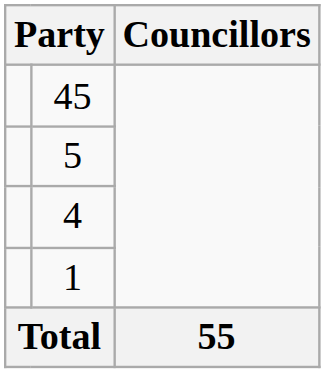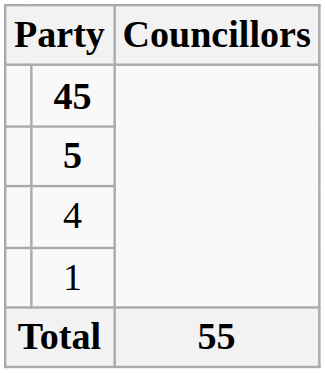 <table class="wikitable">
 <tr>
 <th colspan=2>Party</th>
 <th>Councillors</th>
 </tr>
 <tr>
 <td></td>
-<td align=center>45</td>
+<td align=center><strong>45</strong></td>
 </tr>
 <tr>
 <td></td>
-<td align=center>5</td>
+<td align=center><strong>5</strong></td>
 </tr>
 <tr>
 <td></td>
 <td align=center>4</td>
 </tr>
 <tr>
 <td></td>
 <td align=center>1</td>
 </tr>
 <tr>
 <th colspan=2>Total</th>
 <th>55</th>
 </tr>
 </table>
